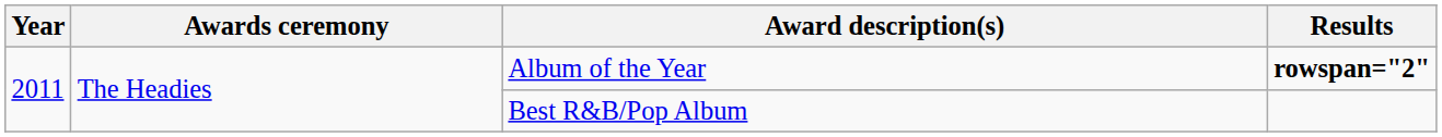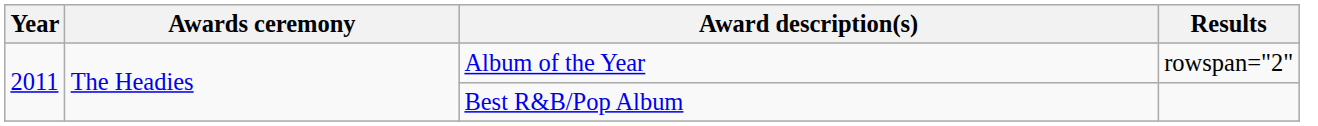 <table class="wikitable">
 <tr>
 <th>Year</th>
 <th width="250">Awards ceremony</th>
 <th width="450">Award description(s)</th>
 <th width="75">Results</th>
 </tr>
 <tr>
 <td rowspan="2"><a href='#'>2011</a></td>
 <td rowspan="2"><a href='#'>The Headies</a></td>
 <td><a href='#'>Album of the Year</a></td>
-<td><strong>rowspan="2" </strong></td>
+<td>rowspan="2" </td>
 </tr>
 <tr>
 <td><a href='#'>Best R&B/Pop Album</a></td>
 </tr>
 </table>
